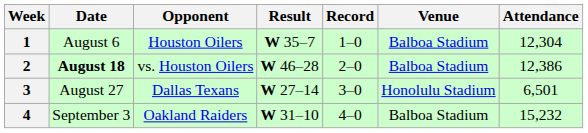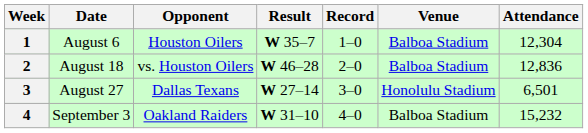 <table class="wikitable" style="text-align:center">
 <tr>
 <th>Week</th>
 <th>Date</th>
 <th>Opponent</th>
 <th>Result</th>
 <th>Record</th>
 <th>Venue</th>
 <th>Attendance</th>
 </tr>
 <tr style="background:#cfc">
 <th>1</th>
 <td>August 6</td>
 <td><a href='#'>Houston Oilers</a></td>
 <td><strong>W</strong> 35–7</td>
 <td>1–0</td>
 <td><a href='#'>Balboa Stadium</a></td>
 <td>12,304</td>
 </tr>
 <tr style="background:#cfc">
 <th>2</th>
-<td><strong>August 18</strong></td>
+<td>August 18</td>
 <td>vs. <a href='#'>Houston Oilers</a></td>
 <td><strong>W</strong> 46–28</td>
 <td>2–0</td>
 <td><a href='#'>Balboa Stadium</a></td>
-<td>12,386</td>
+<td>12,836</td>
 </tr>
 <tr style="background:#cfc">
 <th>3</th>
 <td>August 27</td>
 <td><a href='#'>Dallas Texans</a></td>
 <td><strong>W</strong> 27–14</td>
 <td>3–0</td>
 <td><a href='#'>Honolulu Stadium</a></td>
 <td>6,501</td>
 </tr>
 <tr style="background:#cfc">
 <th>4</th>
 <td>September 3</td>
 <td><a href='#'>Oakland Raiders</a></td>
 <td><strong>W</strong> 31–10</td>
 <td>4–0</td>
 <td>Balboa Stadium</td>
 <td>15,232</td>
 </tr>
 </table>
